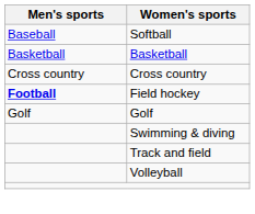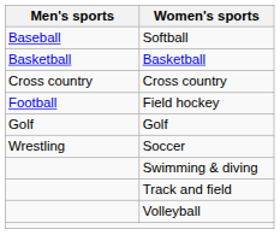 <table class="wikitable" style= " ">
 <tr>
 <th width=150px>Men's sports</th>
 <th width=150px>Women's sports</th>
 </tr>
 <tr>
 <td><a href='#'>Baseball</a></td>
 <td>Softball</td>
 </tr>
 <tr>
 <td><a href='#'>Basketball</a></td>
 <td><a href='#'>Basketball</a></td>
 </tr>
 <tr>
 <td>Cross country</td>
 <td>Cross country</td>
 </tr>
 <tr>
-<td><strong><a href='#'>Football</a></strong></td>
+<td><a href='#'>Football</a></td>
 <td>Field hockey</td>
 </tr>
 <tr>
 <td>Golf</td>
 <td>Golf</td>
+</tr>
+<tr>
+<td>Wrestling</td>
+<td>Soccer</td>
 </tr>
 <tr>
 <td></td>
 <td>Swimming & diving</td>
 </tr>
 <tr>
 <td></td>
 <td>Track and field</td>
 </tr>
 <tr>
 <td></td>
 <td>Volleyball</td>
 </tr>
 <tr>
 <td colspan="2"></td>
 </tr>
 </table>
